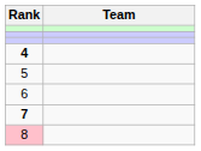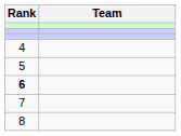 <table class="wikitable" style="text-align: center;">
 <tr>
 <th width=40>Rank</th>
 <th width=180>Team</th>
 </tr>
 <tr bgcolor=ccffcc>
 <td></td>
 <td align=left></td>
 </tr>
 <tr bgcolor=ccccff>
 <td></td>
 <td align=left></td>
 </tr>
 <tr bgcolor=ccccff>
 <td></td>
 <td align=left></td>
 </tr>
 <tr>
-<td><strong>4</strong></td>
+<td>4</td>
 <td align=left></td>
 </tr>
 <tr>
 <td>5</td>
 <td align=left></td>
 </tr>
 <tr>
-<td>6</td>
+<td><strong>6</strong></td>
 <td align=left></td>
 </tr>
 <tr>
-<td><strong>7</strong></td>
+<td>7</td>
 <td align=left></td>
 </tr>
 <tr>
-<td style="background: pink;">8</td>
+<td>8</td>
 <td align=left></td>
 </tr>
 </table>
